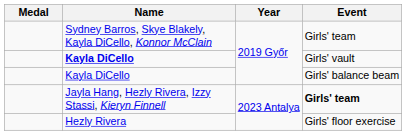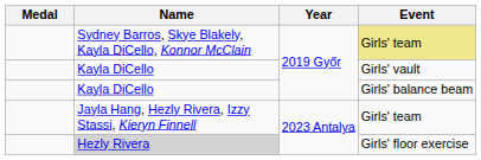 <table class="wikitable sortable">
 <tr>
 <th style="width:5em;">Medal</th>
 <th width=250>Name</th>
 <th>Year</th>
 <th>Event</th>
 </tr>
 <tr>
 <td></td>
 <td><a href='#'>Sydney Barros</a>, <a href='#'>Skye Blakely</a>, <a href='#'>Kayla DiCello</a>, <em><a href='#'>Konnor McClain</a></em></td>
 <td rowspan="3"> <a href='#'>2019 Győr</a></td>
-<td>Girls' team</td>
+<td style="background: khaki;">Girls' team</td>
 </tr>
 <tr>
 <td></td>
-<td><strong><a href='#'>Kayla DiCello</a></strong></td>
+<td><a href='#'>Kayla DiCello</a></td>
 <td>Girls' vault</td>
 </tr>
 <tr>
 <td></td>
 <td><a href='#'>Kayla DiCello</a></td>
 <td>Girls' balance beam</td>
 </tr>
 <tr>
 <td></td>
 <td><a href='#'>Jayla Hang</a>, <a href='#'>Hezly Rivera</a>, <a href='#'>Izzy Stassi</a>, <em><a href='#'>Kieryn Finnell</a></em></td>
 <td rowspan="2"> <a href='#'>2023 Antalya</a></td>
-<td><strong>Girls' team</strong></td>
+<td>Girls' team</td>
 </tr>
 <tr>
 <td></td>
-<td><a href='#'>Hezly Rivera</a></td>
+<td style="background: lightgrey;"><a href='#'>Hezly Rivera</a></td>
 <td>Girls' floor exercise</td>
 </tr>
 </table>
